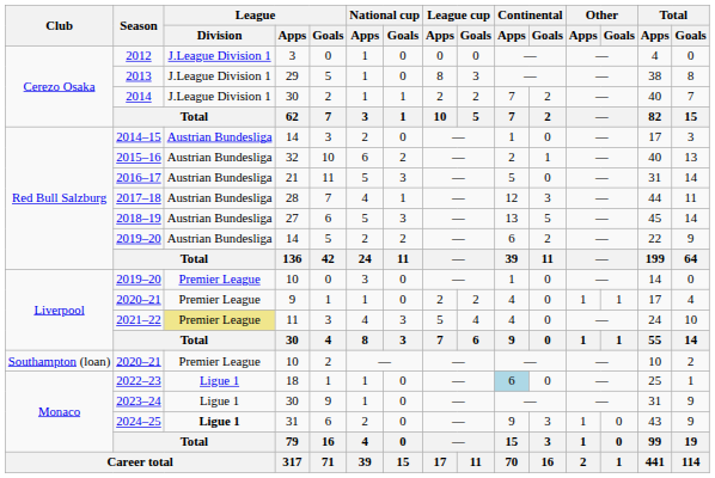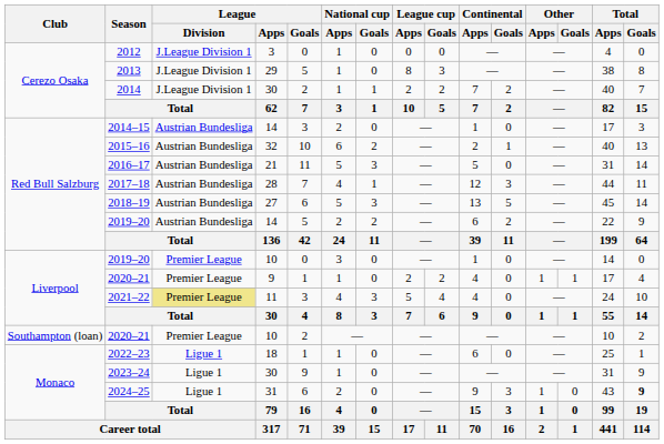 <table class="wikitable" style="text-align: center;">
 <tr>
 <th rowspan="2">Club</th>
 <th rowspan="2">Season</th>
 <th colspan="3">League</th>
 <th colspan="2">National cup</th>
 <th colspan="2">League cup</th>
 <th colspan="2">Continental</th>
 <th colspan="2">Other</th>
 <th colspan="2">Total</th>
 </tr>
 <tr>
 <th>Division</th>
 <th>Apps</th>
 <th>Goals</th>
 <th>Apps</th>
 <th>Goals</th>
 <th>Apps</th>
 <th>Goals</th>
 <th>Apps</th>
 <th>Goals</th>
 <th>Apps</th>
 <th>Goals</th>
 <th>Apps</th>
 <th>Goals</th>
 </tr>
 <tr>
 <td rowspan="4"><a href='#'>Cerezo Osaka</a></td>
 <td><a href='#'>2012</a></td>
 <td><a href='#'>J.League Division 1</a></td>
 <td>3</td>
 <td>0</td>
 <td>1</td>
 <td>0</td>
 <td>0</td>
 <td>0</td>
 <td colspan="2">—</td>
 <td colspan="2">—</td>
 <td>4</td>
 <td>0</td>
 </tr>
 <tr>
 <td><a href='#'>2013</a></td>
 <td>J.League Division 1</td>
 <td>29</td>
 <td>5</td>
 <td>1</td>
 <td>0</td>
 <td>8</td>
 <td>3</td>
 <td colspan="2">—</td>
 <td colspan="2">—</td>
 <td>38</td>
 <td>8</td>
 </tr>
 <tr>
 <td><a href='#'>2014</a></td>
 <td>J.League Division 1</td>
 <td>30</td>
 <td>2</td>
 <td>1</td>
 <td>1</td>
 <td>2</td>
 <td>2</td>
 <td>7</td>
 <td>2</td>
 <td colspan="2">—</td>
 <td>40</td>
 <td>7</td>
 </tr>
 <tr>
 <th colspan="2">Total</th>
 <th>62</th>
 <th>7</th>
 <th>3</th>
 <th>1</th>
 <th>10</th>
 <th>5</th>
 <th>7</th>
 <th>2</th>
 <th colspan="2">—</th>
 <th>82</th>
 <th>15</th>
 </tr>
 <tr>
 <td rowspan="7"><a href='#'>Red Bull Salzburg</a></td>
 <td><a href='#'>2014–15</a></td>
 <td><a href='#'>Austrian Bundesliga</a></td>
 <td>14</td>
 <td>3</td>
 <td>2</td>
 <td>0</td>
 <td colspan="2">—</td>
 <td>1</td>
 <td>0</td>
 <td colspan="2">—</td>
 <td>17</td>
 <td>3</td>
 </tr>
 <tr>
 <td><a href='#'>2015–16</a></td>
 <td>Austrian Bundesliga</td>
 <td>32</td>
 <td>10</td>
 <td>6</td>
 <td>2</td>
 <td colspan="2">—</td>
 <td>2</td>
 <td>1</td>
 <td colspan="2">—</td>
 <td>40</td>
 <td>13</td>
 </tr>
 <tr>
 <td><a href='#'>2016–17</a></td>
 <td>Austrian Bundesliga</td>
 <td>21</td>
 <td>11</td>
 <td>5</td>
 <td>3</td>
 <td colspan="2">—</td>
 <td>5</td>
 <td>0</td>
 <td colspan="2">—</td>
 <td>31</td>
 <td>14</td>
 </tr>
 <tr>
 <td><a href='#'>2017–18</a></td>
 <td>Austrian Bundesliga</td>
 <td>28</td>
 <td>7</td>
 <td>4</td>
 <td>1</td>
 <td colspan="2">—</td>
 <td>12</td>
 <td>3</td>
 <td colspan="2">—</td>
 <td>44</td>
 <td>11</td>
 </tr>
 <tr>
 <td><a href='#'>2018–19</a></td>
 <td>Austrian Bundesliga</td>
 <td>27</td>
 <td>6</td>
 <td>5</td>
 <td>3</td>
 <td colspan="2">—</td>
 <td>13</td>
 <td>5</td>
 <td colspan="2">—</td>
 <td>45</td>
 <td>14</td>
 </tr>
 <tr>
 <td><a href='#'>2019–20</a></td>
 <td>Austrian Bundesliga</td>
 <td>14</td>
 <td>5</td>
 <td>2</td>
 <td>2</td>
 <td colspan="2">—</td>
 <td>6</td>
 <td>2</td>
 <td colspan="2">—</td>
 <td>22</td>
 <td>9</td>
 </tr>
 <tr>
 <th colspan="2">Total</th>
 <th>136</th>
 <th>42</th>
 <th>24</th>
 <th>11</th>
 <th colspan="2">—</th>
 <th>39</th>
 <th>11</th>
 <th colspan="2">—</th>
 <th>199</th>
 <th>64</th>
 </tr>
 <tr>
 <td rowspan="4"><a href='#'>Liverpool</a></td>
 <td><a href='#'>2019–20</a></td>
 <td><a href='#'>Premier League</a></td>
 <td>10</td>
 <td>0</td>
 <td>3</td>
 <td>0</td>
 <td colspan="2">—</td>
 <td>1</td>
 <td>0</td>
 <td colspan="2">—</td>
 <td>14</td>
 <td>0</td>
 </tr>
 <tr>
 <td><a href='#'>2020–21</a></td>
 <td>Premier League</td>
 <td>9</td>
 <td>1</td>
 <td>1</td>
 <td>0</td>
 <td>2</td>
 <td>2</td>
 <td>4</td>
 <td>0</td>
 <td>1</td>
 <td>1</td>
 <td>17</td>
 <td>4</td>
 </tr>
 <tr>
 <td><a href='#'>2021–22</a></td>
 <td style="background: khaki;">Premier League</td>
 <td>11</td>
 <td>3</td>
 <td>4</td>
 <td>3</td>
 <td>5</td>
 <td>4</td>
 <td>4</td>
 <td>0</td>
 <td colspan="2">—</td>
 <td>24</td>
 <td>10</td>
 </tr>
 <tr>
 <th colspan="2">Total</th>
 <th>30</th>
 <th>4</th>
 <th>8</th>
 <th>3</th>
 <th>7</th>
 <th>6</th>
 <th>9</th>
 <th>0</th>
 <th>1</th>
 <th>1</th>
 <th>55</th>
 <th>14</th>
 </tr>
 <tr>
 <td rowspan="1"><a href='#'>Southampton</a> (loan)</td>
 <td><a href='#'>2020–21</a></td>
 <td>Premier League</td>
 <td>10</td>
 <td>2</td>
 <td colspan="2">—</td>
 <td colspan="2">—</td>
 <td colspan="2">—</td>
 <td colspan="2">—</td>
 <td>10</td>
 <td>2</td>
 </tr>
 <tr>
 <td rowspan="4"><a href='#'>Monaco</a></td>
 <td><a href='#'>2022–23</a></td>
 <td><a href='#'>Ligue 1</a></td>
 <td>18</td>
 <td>1</td>
 <td>1</td>
 <td>0</td>
 <td colspan="2">—</td>
-<td style="background: lightblue;">6</td>
+<td>6</td>
 <td>0</td>
 <td colspan="2">—</td>
 <td>25</td>
 <td>1</td>
 </tr>
 <tr>
 <td><a href='#'>2023–24</a></td>
 <td>Ligue 1</td>
 <td>30</td>
 <td>9</td>
 <td>1</td>
 <td>0</td>
 <td colspan="2">—</td>
 <td colspan="2">—</td>
 <td colspan="2">—</td>
 <td>31</td>
 <td>9</td>
 </tr>
 <tr>
 <td><a href='#'>2024–25</a></td>
-<td><strong>Ligue 1</strong></td>
+<td>Ligue 1</td>
 <td>31</td>
 <td>6</td>
 <td>2</td>
 <td>0</td>
 <td colspan="2">—</td>
 <td>9</td>
 <td>3</td>
 <td>1</td>
 <td>0</td>
 <td>43</td>
-<td>9</td>
+<td><strong>9</strong></td>
 </tr>
 <tr>
 <th colspan="2">Total</th>
 <th>79</th>
 <th>16</th>
 <th>4</th>
 <th>0</th>
 <th colspan="2">—</th>
 <th>15</th>
 <th>3</th>
 <th>1</th>
 <th>0</th>
 <th>99</th>
 <th>19</th>
 </tr>
 <tr>
 <th colspan="3">Career total</th>
 <th>317</th>
 <th>71</th>
 <th>39</th>
 <th>15</th>
 <th>17</th>
 <th>11</th>
 <th>70</th>
 <th>16</th>
 <th>2</th>
 <th>1</th>
 <th>441</th>
 <th>114</th>
 </tr>
 </table>
